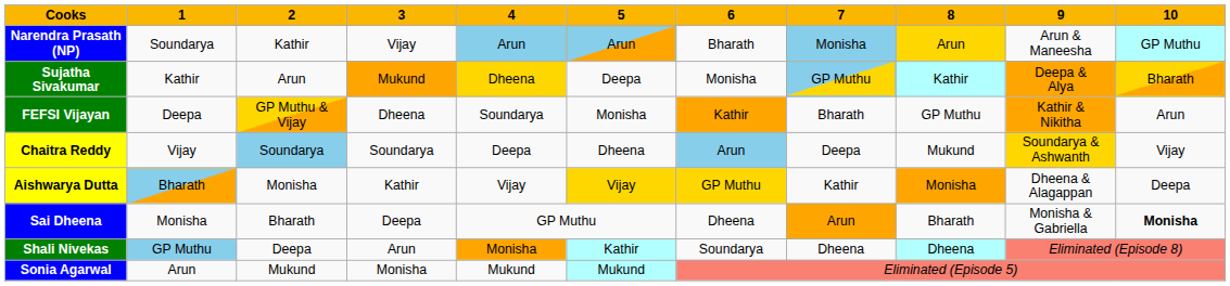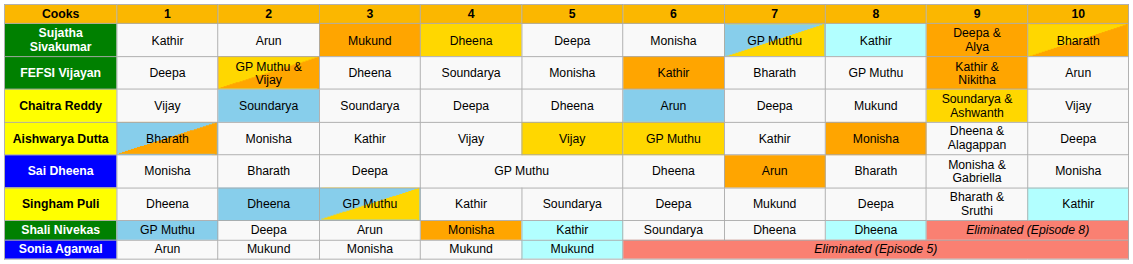 <table class="wikitable" style="text-align:center;font-size:85%;">
 <tr>
 <th scope="col" style="background:#FBB700" width=10%>Cooks</th>
 <th scope="col" style="background:#FBB700" width=9%>1</th>
 <th scope="col" style="background:#FBB700" width=9%>2</th>
 <th scope="col" style="background:#FBB700" width=9%>3</th>
 <th scope="col" style="background:#FBB700" width=9%>4</th>
 <th scope="col" style="background:#FBB700" width=9%>5</th>
 <th scope="col" style="background:#FBB700" width=9%>6</th>
 <th scope="col" style="background:#FBB700" width=9%>7</th>
 <th scope="col" style="background:#FBB700" width=9%>8</th>
 <th scope="col" style="background:#FBB700" width=9%>9</th>
 <th scope="col" style="background:#FBB700" width=9%>10</th>
-</tr>
-<tr>
-<th scope="row" style="background:Blue;color:white;">Narendra Prasath (NP)</th>
-<td>Soundarya</td>
-<td>Kathir</td>
-<td>Vijay</td>
-<td style="background:skyblue;">Arun </td>
-<td style="background-image:linear-gradient(to right bottom, skyblue 50%, orange 50%);">Arun </td>
-<td>Bharath</td>
-<td style="background:skyblue;">Monisha </td>
-<td style="background: gold;">Arun </td>
-<td>Arun &<br>Maneesha</td>
-<td style="background:#B2FFFF">GP Muthu </td>
 </tr>
 <tr>
 <th style="background:green;color:white;">Sujatha Sivakumar</th>
 <td>Kathir</td>
 <td>Arun</td>
 <td style="background:orange;">Mukund </td>
 <td style="background: gold;">Dheena </td>
 <td>Deepa</td>
 <td>Monisha</td>
 <td style="background-image:linear-gradient(to right bottom, skyblue 50%, gold 50%);">GP Muthu </td>
 <td style="background:#B2FFFF">Kathir </td>
 <td style="background: orange;">Deepa &<br>Alya </td>
 <td style="background-image:linear-gradient(to right bottom, gold 50%, orange 50%);">Bharath </td>
 </tr>
 <tr>
 <th style="background:green;color:white;">FEFSI Vijayan</th>
 <td>Deepa</td>
 <td style="background-image:linear-gradient(to right bottom, gold 50%, orange 50%);">GP Muthu &<br>Vijay </td>
 <td>Dheena</td>
 <td>Soundarya</td>
 <td>Monisha</td>
 <td style="background:orange;">Kathir </td>
 <td>Bharath</td>
 <td>GP Muthu</td>
 <td style="background:orange;">Kathir &<br>Nikitha </td>
 <td>Arun</td>
 </tr>
 <tr>
 <th style="background:yellow;">Chaitra Reddy</th>
 <td>Vijay</td>
 <td style="background:skyblue;">Soundarya </td>
 <td>Soundarya</td>
 <td>Deepa</td>
 <td>Dheena</td>
 <td style="background:skyblue;">Arun </td>
 <td>Deepa</td>
 <td>Mukund</td>
 <td style="background:gold;">Soundarya &<br>Ashwanth </td>
 <td>Vijay</td>
 </tr>
 <tr>
 <th style="background:yellow;">Aishwarya Dutta</th>
 <td style="background-image:linear-gradient(to right bottom, skyblue 50%, orange 50%);">Bharath </td>
 <td>Monisha</td>
 <td>Kathir</td>
 <td>Vijay</td>
 <td style="background: gold;">Vijay </td>
 <td style="background:gold;">GP Muthu </td>
 <td>Kathir</td>
 <td style="background:orange;">Monisha </td>
 <td>Dheena &<br>Alagappan</td>
 <td>Deepa</td>
 </tr>
 <tr>
 <th scope="row" style="background:Blue;color:white;">Sai Dheena</th>
 <td>Monisha</td>
 <td>Bharath</td>
 <td>Deepa</td>
 <td colspan="2">GP Muthu</td>
 <td>Dheena</td>
 <td style="background:orange;">Arun </td>
 <td>Bharath</td>
 <td>Monisha &<br>Gabriella</td>
-<td><strong>Monisha</strong></td>
+<td>Monisha</td>
+</tr>
+<tr>
+<th style="background:yellow;">Singham Puli</th>
+<td>Dheena</td>
+<td style="background: skyblue;">Dheena </td>
+<td style="background-image:linear-gradient(to right bottom, skyblue 50%, gold 50%);">GP Muthu </td>
+<td>Kathir</td>
+<td>Soundarya</td>
+<td>Deepa</td>
+<td>Mukund</td>
+<td>Deepa</td>
+<td>Bharath &<br>Sruthi</td>
+<td style="background:#B2FFFF">Kathir </td>
 </tr>
 <tr>
 <th style="background:green;color:white;">Shali Nivekas</th>
 <td style="background:skyblue;">GP Muthu </td>
 <td>Deepa</td>
 <td>Arun</td>
 <td style="background:orange;">Monisha </td>
 <td style="background:#B2FFFF">Kathir </td>
 <td>Soundarya</td>
 <td>Dheena</td>
 <td style="background:#B2FFFF">Dheena </td>
 <td colspan="2" style="background:salmon"><em>Eliminated (Episode 8)</em></td>
 </tr>
 <tr>
 <th scope="row" style="background:Blue;color:white;">Sonia Agarwal</th>
 <td>Arun</td>
 <td>Mukund</td>
 <td>Monisha</td>
 <td>Mukund</td>
 <td style="background:#B2FFFF">Mukund </td>
 <td colspan="5" style="background:salmon"><em>Eliminated (Episode 5)</em></td>
 </tr>
 </table>
